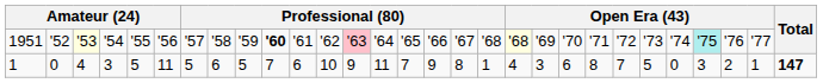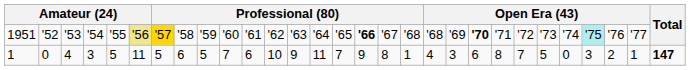 <table class="wikitable" style="font-size:100%;">
 <tr>
 <th colspan="6"  align="center"><strong>Amateur (24)</strong></th>
 <th colspan="12" align="center"><strong>Professional (80)</strong></th>
 <th colspan="10" align="center"><strong>Open Era (43)</strong></th>
 <th rowspan="2" align="center"><strong>Total</strong></th>
 </tr>
 <tr>
 <td>1951</td>
 <td>'52</td>
-<td style="background: lightyellow;">'53</td>
+<td>'53</td>
 <td>'54</td>
 <td>'55</td>
-<td>'56</td>
-<td>'57</td>
+<td style="background: khaki;">'56</td>
+<td style="background: gold;">'57</td>
 <td>'58</td>
 <td>'59</td>
-<td><strong>'60</strong></td>
+<td>'60</td>
 <td>'61</td>
 <td>'62</td>
-<td style="background: pink;">'63</td>
+<td>'63</td>
 <td>'64</td>
 <td>'65</td>
-<td>'66</td>
+<td><strong>'66</strong></td>
 <td>'67</td>
 <td>'68</td>
-<td style="background: lightyellow;">'68</td>
+<td>'68</td>
 <td>'69</td>
-<td>'70</td>
+<td><strong>'70</strong></td>
 <td>'71</td>
 <td>'72</td>
 <td>'73</td>
 <td>'74</td>
 <td style="background: paleturquoise;">'75</td>
 <td>'76</td>
 <td>'77</td>
 </tr>
 <tr>
 <td>1</td>
 <td>0</td>
 <td>4</td>
 <td>3</td>
 <td>5</td>
 <td>11</td>
 <td>5</td>
 <td>6</td>
 <td>5</td>
 <td>7</td>
 <td>6</td>
 <td>10</td>
 <td>9</td>
 <td>11</td>
 <td>7</td>
 <td>9</td>
 <td>8</td>
 <td>1</td>
 <td>4</td>
 <td>3</td>
 <td>6</td>
 <td>8</td>
 <td>7</td>
 <td>5</td>
 <td>0</td>
 <td>3</td>
 <td>2</td>
 <td>1</td>
 <td><strong>147</strong></td>
 </tr>
 </table>
